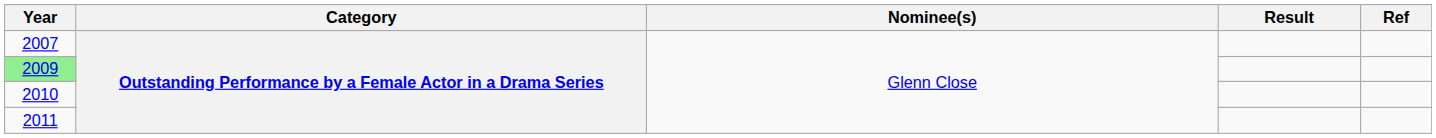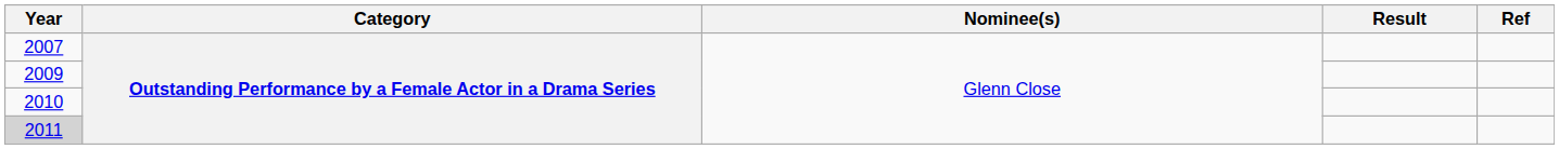 <table class="wikitable plainrowheaders" style="font-size: 90%; text-align:center" width=100%>
 <tr>
 <th scope="col" width="5%">Year</th>
 <th scope="col" width="40%">Category</th>
 <th scope="col" width="40%">Nominee(s)</th>
 <th scope="col" width="10%">Result</th>
 <th scope="col" width="5%">Ref</th>
 </tr>
 <tr>
 <td><a href='#'>2007</a></td>
 <th scope="row" style="text-align:center" rowspan="4"><a href='#'>Outstanding Performance by a Female Actor in a Drama Series</a></th>
 <td rowspan="4"><a href='#'>Glenn Close</a> </td>
 <td></td>
 <td></td>
 </tr>
 <tr>
-<td style="background: lightgreen;"><a href='#'>2009</a></td>
+<td><a href='#'>2009</a></td>
 <td></td>
 <td></td>
 </tr>
 <tr>
 <td><a href='#'>2010</a></td>
 <td></td>
 <td></td>
 </tr>
 <tr>
-<td><a href='#'>2011</a></td>
+<td style="background: lightgrey;"><a href='#'>2011</a></td>
 <td></td>
 <td></td>
 </tr>
 </table>
